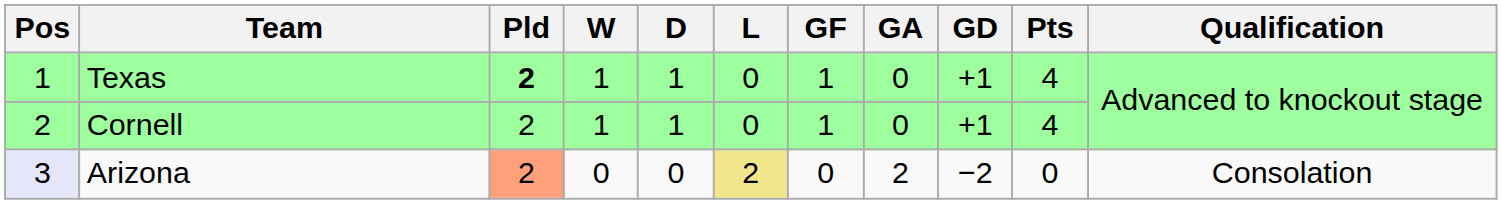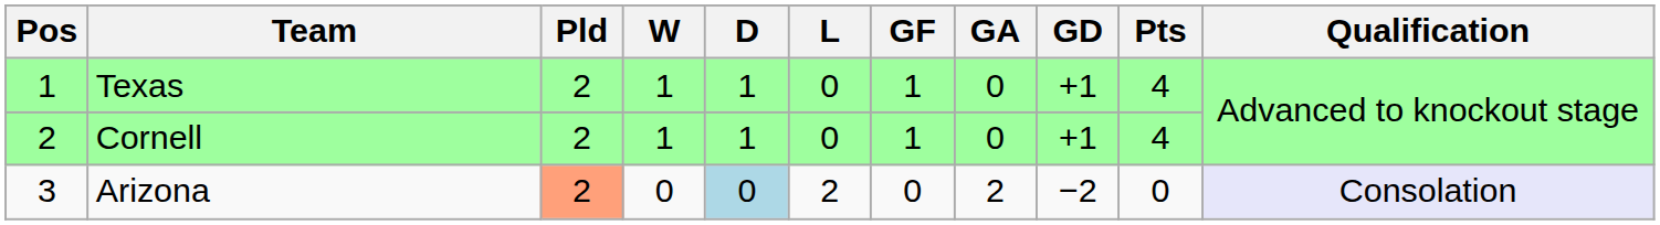 <table class="wikitable" style="text-align:center; margin: 1em auto">
 <tr>
 <th style="width:2em">Pos</th>
 <th style="width:13em">Team</th>
 <th style="width:2em">Pld</th>
 <th style="width:2em">W</th>
 <th style="width:2em">D</th>
 <th style="width:2em">L</th>
 <th style="width:2em">GF</th>
 <th style="width:2em">GA</th>
 <th style="width:2em">GD</th>
 <th style="width:2em">Pts</th>
 <th style="width:13em">Qualification</th>
 </tr>
 <tr bgcolor="#9eff9e">
 <td>1</td>
 <td style="text-align:left">Texas</td>
-<td><strong>2</strong></td>
+<td>2</td>
 <td>1</td>
 <td>1</td>
 <td>0</td>
 <td>1</td>
 <td>0</td>
 <td>+1</td>
 <td>4</td>
 <td rowspan="2">Advanced to knockout stage</td>
 </tr>
 <tr bgcolor="#9eff9e">
 <td>2</td>
 <td style="text-align:left">Cornell</td>
 <td>2</td>
 <td>1</td>
 <td>1</td>
 <td>0</td>
 <td>1</td>
 <td>0</td>
 <td>+1</td>
 <td>4</td>
 </tr>
 <tr>
-<td style="background: lavender;">3</td>
+<td>3</td>
 <td style="text-align:left">Arizona</td>
 <td style="background: lightsalmon;">2</td>
 <td>0</td>
-<td>0</td>
-<td style="background: khaki;">2</td>
+<td style="background: lightblue;">0</td>
+<td>2</td>
 <td>0</td>
 <td>2</td>
 <td>−2</td>
 <td>0</td>
-<td>Consolation</td>
+<td style="background: lavender;">Consolation</td>
 </tr>
 </table>
